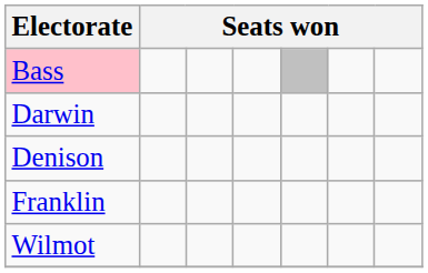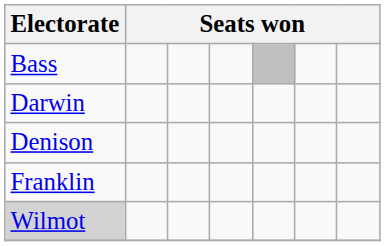 <table class="wikitable">
 <tr>
 <th>Electorate</th>
 <th colspan=7>Seats won</th>
 </tr>
 <tr>
-<td style="background: pink;"><a href='#'>Bass</a></td>
+<td><a href='#'>Bass</a></td>
 <td width=20 > </td>
 <td width=20 > </td>
 <td width=20 > </td>
 <td width=20 bgcolor="#C0C0C0"> </td>
 <td width=20 > </td>
 <td width=20 > </td>
 </tr>
 <tr>
 <td><a href='#'>Darwin</a></td>
 <td> </td>
 <td> </td>
 <td> </td>
 <td> </td>
 <td> </td>
 <td> </td>
 </tr>
 <tr>
 <td><a href='#'>Denison</a></td>
 <td> </td>
 <td> </td>
 <td> </td>
 <td> </td>
 <td> </td>
 <td> </td>
 </tr>
 <tr>
 <td><a href='#'>Franklin</a></td>
 <td> </td>
 <td> </td>
 <td> </td>
 <td> </td>
 <td> </td>
 <td> </td>
 </tr>
 <tr>
-<td><a href='#'>Wilmot</a></td>
+<td style="background: lightgrey;"><a href='#'>Wilmot</a></td>
 <td> </td>
 <td> </td>
 <td> </td>
 <td> </td>
 <td> </td>
 <td> </td>
 </tr>
 <tr>
 </tr>
 </table>
